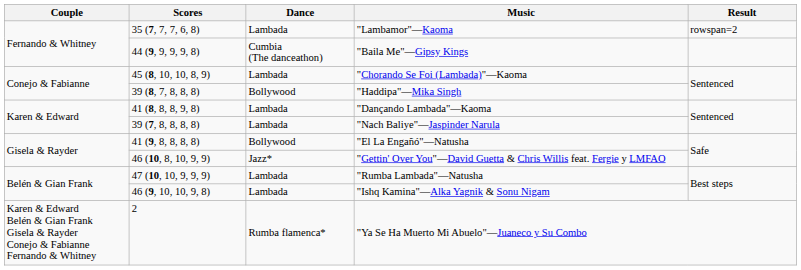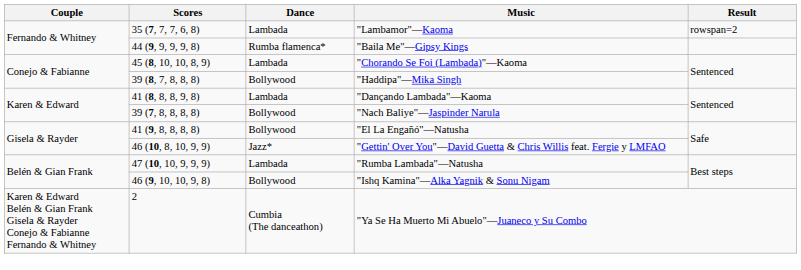 <table class="wikitable sortable" style="width:95%; white-space:nowrap;">
 <tr>
 <th style="width:15%;">Couple<br></th>
 <th style="width:14%;">Scores</th>
 <th style="width:13%;">Dance</th>
 <th style="width:40%;">Music</th>
 <th style="width:13%;">Result</th>
 </tr>
 <tr>
 <td rowspan=2>Fernando & Whitney<br></td>
 <td>35 (<strong>7</strong>, 7, 7, 6, 8)</td>
 <td>Lambada</td>
 <td>"Lambamor"—<a href='#'>Kaoma</a></td>
 <td>rowspan=2 </td>
 </tr>
 <tr>
 <td>44 (<strong>9</strong>, 9, 9, 9, 8)</td>
-<td>Cumbia<br>(The danceathon)</td>
+<td>Rumba flamenca*</td>
 <td>"Baila Me"—<a href='#'>Gipsy Kings</a></td>
 </tr>
 <tr>
 <td rowspan=2>Conejo & Fabianne<br></td>
 <td>45 (<strong>8</strong>, 10, 10, 8, 9)</td>
 <td>Lambada</td>
 <td>"<a href='#'>Chorando Se Foi (Lambada)</a>"—Kaoma</td>
 <td rowspan=2>Sentenced</td>
 </tr>
 <tr>
 <td>39 (<strong>8</strong>, 7, 8, 8, 8)</td>
 <td>Bollywood</td>
 <td>"Haddipa"—<a href='#'>Mika Singh</a></td>
 </tr>
 <tr>
 <td rowspan=2>Karen & Edward<br></td>
 <td>41 (<strong>8</strong>, 8, 8, 9, 8)</td>
 <td>Lambada</td>
 <td>"Dançando Lambada"—Kaoma</td>
 <td rowspan=2>Sentenced</td>
 </tr>
 <tr>
 <td>39 (<strong>7</strong>, 8, 8, 8, 8)</td>
-<td>Lambada</td>
+<td>Bollywood</td>
 <td>"Nach Baliye"—<a href='#'>Jaspinder Narula</a></td>
 </tr>
 <tr>
 <td rowspan=2>Gisela & Rayder<br></td>
 <td>41 (<strong>9</strong>, 8, 8, 8, 8)</td>
 <td>Bollywood</td>
 <td>"El La Engañó"—Natusha</td>
 <td rowspan=2>Safe</td>
 </tr>
 <tr>
 <td>46 (<strong>10</strong>, 8, 10, 9, 9)</td>
 <td>Jazz*</td>
 <td>"<a href='#'>Gettin' Over You</a>"—<a href='#'>David Guetta</a> & <a href='#'>Chris Willis</a> feat. <a href='#'>Fergie</a> y <a href='#'>LMFAO</a></td>
 </tr>
 <tr>
 <td rowspan=2>Belén & Gian Frank<br></td>
 <td>47 (<strong>10</strong>, 10, 9, 9, 9)</td>
 <td>Lambada</td>
 <td>"Rumba Lambada"—Natusha</td>
 <td rowspan=2>Best steps</td>
 </tr>
 <tr>
 <td>46 (<strong>9</strong>, 10, 10, 9, 8)</td>
-<td>Lambada</td>
+<td>Bollywood</td>
 <td>"Ishq Kamina"—<a href='#'>Alka Yagnik</a> & <a href='#'>Sonu Nigam</a></td>
 </tr>
 <tr>
 <td>Karen & Edward<br>Belén & Gian Frank<br>Gisela & Rayder<br>Conejo & Fabianne<br>Fernando & Whitney</td>
 <td valign="top">2</td>
-<td>Rumba flamenca*</td>
+<td>Cumbia<br>(The danceathon)</td>
 <td colspan=2>"Ya Se Ha Muerto Mi Abuelo"—<a href='#'>Juaneco y Su Combo</a></td>
 </tr>
 </table>
